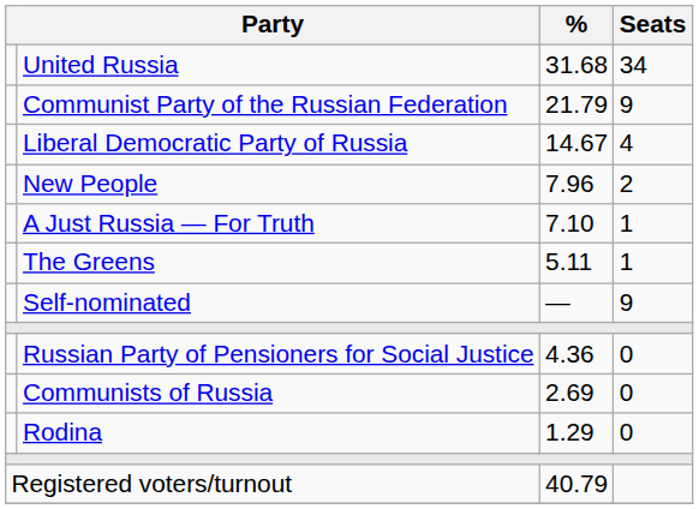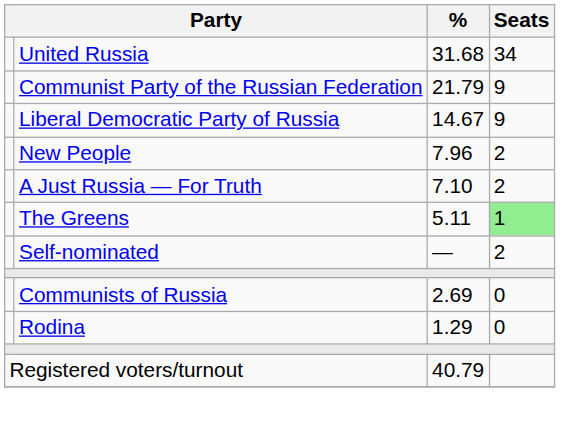 <table class="wikitable">
 <tr>
 <th colspan=2>Party</th>
 <th>%</th>
 <th>Seats</th>
 </tr>
 <tr>
 <td style="background:"></td>
 <td><a href='#'>United Russia</a></td>
 <td>31.68</td>
 <td>34</td>
 </tr>
 <tr>
 <td style="background:"></td>
 <td><a href='#'>Communist Party of the Russian Federation</a></td>
 <td>21.79</td>
 <td>9</td>
 </tr>
 <tr>
 <td style="background:"></td>
 <td><a href='#'>Liberal Democratic Party of Russia</a></td>
 <td>14.67</td>
-<td>4</td>
+<td>9</td>
 </tr>
 <tr>
 <td style="background:"></td>
 <td><a href='#'>New People</a></td>
 <td>7.96</td>
 <td>2</td>
 </tr>
 <tr>
 <td style="background:"></td>
 <td><a href='#'>A Just Russia — For Truth</a></td>
 <td>7.10</td>
-<td>1</td>
+<td>2</td>
 </tr>
 <tr>
 <td style="background:"></td>
 <td><a href='#'>The Greens</a></td>
 <td>5.11</td>
-<td>1</td>
+<td style="background: lightgreen;">1</td>
 </tr>
 <tr>
 <td style="background:"></td>
 <td><a href='#'>Self-nominated</a></td>
 <td>—</td>
-<td>9</td>
+<td>2</td>
 </tr>
 <tr>
 <td colspan=4 style="background:#E9E9E9;"></td>
-</tr>
-<tr>
-<td style="background:"></td>
-<td><a href='#'>Russian Party of Pensioners for Social Justice</a></td>
-<td>4.36</td>
-<td>0</td>
 </tr>
 <tr>
 <td style="background:"></td>
 <td><a href='#'>Communists of Russia</a></td>
 <td>2.69</td>
 <td>0</td>
 </tr>
 <tr>
 <td style="background:"></td>
 <td><a href='#'>Rodina</a></td>
 <td>1.29</td>
 <td>0</td>
 </tr>
 <tr>
 <td colspan=4 style="background:#E9E9E9;"></td>
 </tr>
 <tr>
 <td align=left colspan=2>Registered voters/turnout</td>
 <td>40.79</td>
 <td></td>
 </tr>
 <tr>
 </tr>
 </table>
